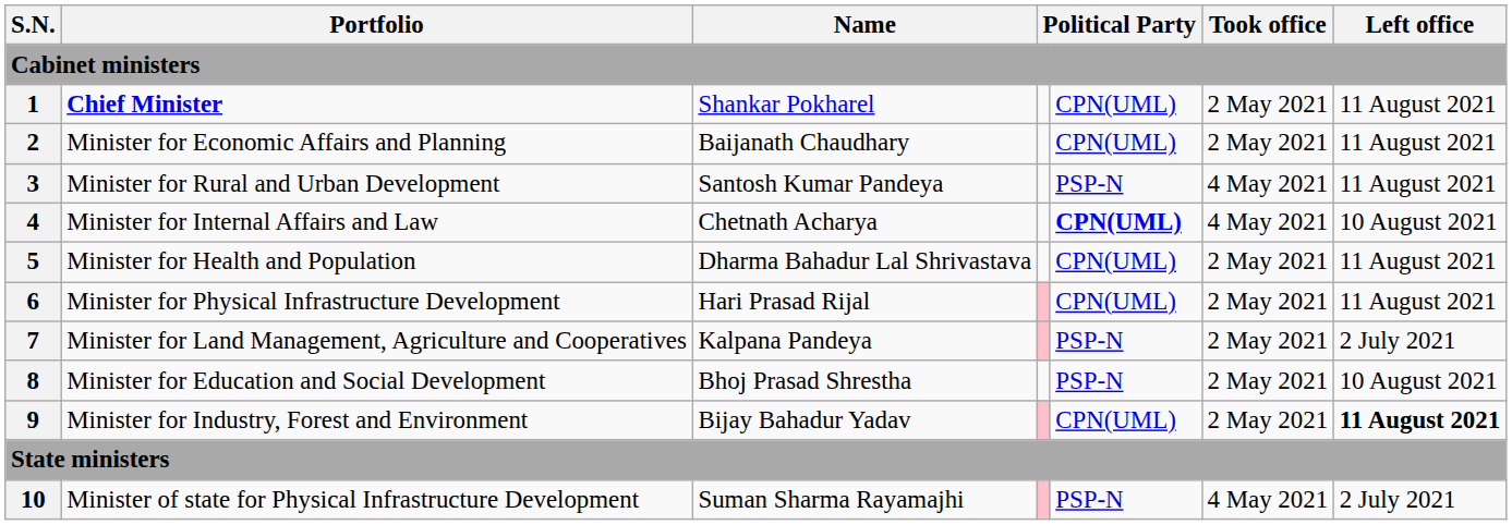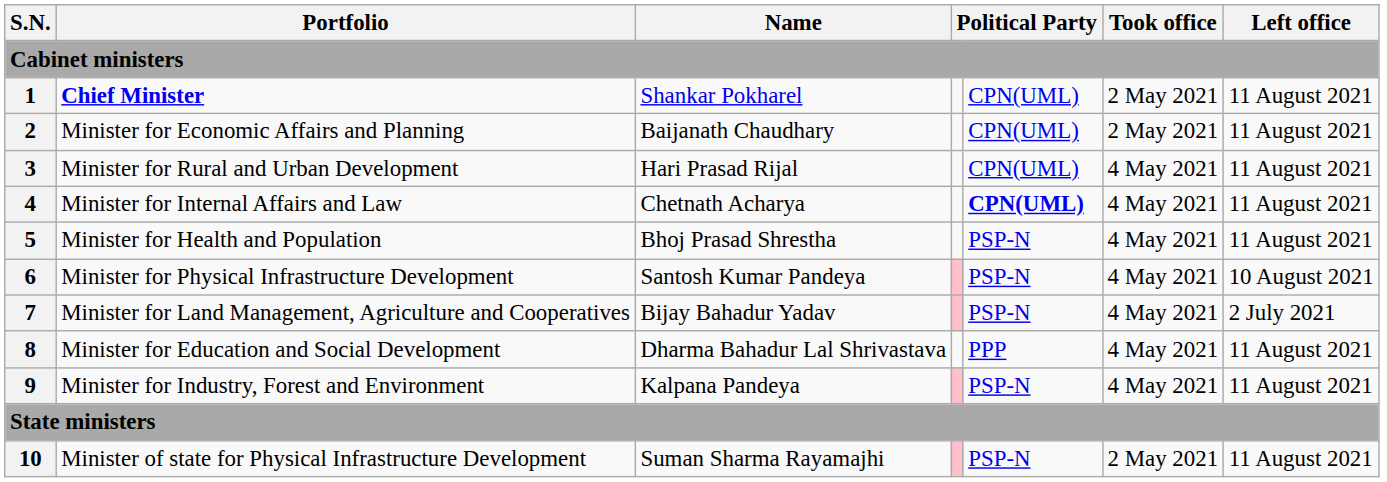 <table class="wikitable">
 <tr>
 <th>S.N.</th>
 <th>Portfolio</th>
 <th>Name<br></th>
 <th colspan="2">Political Party</th>
 <th>Took office</th>
 <th>Left office</th>
 </tr>
 <tr>
 <td colspan="7" bgcolor="darkgrey"><strong>Cabinet ministers</strong></td>
 </tr>
 <tr>
 <th>1</th>
 <td><strong><a href='#'>Chief Minister</a><br></strong></td>
 <td><a href='#'>Shankar Pokharel</a></td>
 <td></td>
 <td><a href='#'>CPN(UML)</a></td>
 <td>2 May 2021</td>
 <td>11 August 2021</td>
 </tr>
 <tr>
 <th>2</th>
 <td>Minister for Economic Affairs and Planning</td>
 <td>Baijanath Chaudhary</td>
 <td></td>
 <td><a href='#'>CPN(UML)</a></td>
 <td>2 May 2021</td>
 <td>11 August 2021</td>
 </tr>
 <tr>
 <th>3</th>
 <td>Minister for Rural and Urban Development</td>
-<td>Santosh Kumar Pandeya</td>
+<td>Hari Prasad Rijal</td>
 <td></td>
-<td><a href='#'>PSP-N</a></td>
+<td><a href='#'>CPN(UML)</a></td>
 <td>4 May 2021</td>
 <td>11 August 2021</td>
 </tr>
 <tr>
 <th>4</th>
 <td>Minister for Internal Affairs and Law</td>
 <td>Chetnath Acharya</td>
 <td></td>
 <td><strong><a href='#'>CPN(UML)</a></strong></td>
 <td>4 May 2021</td>
-<td>10 August 2021</td>
+<td>11 August 2021</td>
 </tr>
 <tr>
 <th>5</th>
 <td>Minister for Health and Population</td>
-<td>Dharma Bahadur Lal Shrivastava</td>
+<td>Bhoj Prasad Shrestha</td>
 <td></td>
-<td><a href='#'>CPN(UML)</a></td>
-<td>2 May 2021</td>
+<td><a href='#'>PSP-N</a></td>
+<td>4 May 2021</td>
 <td>11 August 2021</td>
 </tr>
 <tr>
 <th>6</th>
 <td>Minister for Physical Infrastructure Development</td>
-<td>Hari Prasad Rijal</td>
+<td>Santosh Kumar Pandeya</td>
 <td bgcolor="FFC0CB"></td>
-<td><a href='#'>CPN(UML)</a></td>
-<td>2 May 2021</td>
-<td>11 August 2021</td>
+<td><a href='#'>PSP-N</a></td>
+<td>4 May 2021</td>
+<td>10 August 2021</td>
 </tr>
 <tr>
 <th>7</th>
 <td>Minister for Land Management, Agriculture and Cooperatives</td>
-<td>Kalpana Pandeya</td>
+<td>Bijay Bahadur Yadav</td>
 <td bgcolor="FFC0CB"></td>
 <td><a href='#'>PSP-N</a></td>
-<td>2 May 2021</td>
+<td>4 May 2021</td>
 <td>2 July 2021</td>
 </tr>
 <tr>
 <th>8</th>
 <td>Minister for Education and Social Development</td>
-<td>Bhoj Prasad Shrestha</td>
+<td>Dharma Bahadur Lal Shrivastava</td>
 <td></td>
-<td><a href='#'>PSP-N</a></td>
-<td>2 May 2021</td>
-<td>10 August 2021</td>
+<td><a href='#'>PPP</a></td>
+<td>4 May 2021</td>
+<td>11 August 2021</td>
 </tr>
 <tr>
 <th>9</th>
 <td>Minister for Industry, Forest and Environment</td>
-<td>Bijay Bahadur Yadav</td>
+<td>Kalpana Pandeya</td>
 <td bgcolor="FFC0CB"></td>
-<td><a href='#'>CPN(UML)</a></td>
-<td>2 May 2021</td>
-<td><strong>11 August 2021</strong></td>
+<td><a href='#'>PSP-N</a></td>
+<td>4 May 2021</td>
+<td>11 August 2021</td>
 </tr>
 <tr>
 <td colspan="7" bgcolor="darkgrey"><strong>State ministers</strong></td>
 </tr>
 <tr>
 <th>10</th>
 <td>Minister of state for Physical Infrastructure Development</td>
 <td>Suman Sharma Rayamajhi</td>
 <td bgcolor="FFC0CB"></td>
 <td><a href='#'>PSP-N</a></td>
-<td>4 May 2021</td>
-<td>2 July 2021</td>
+<td>2 May 2021</td>
+<td>11 August 2021</td>
 </tr>
 </table>
